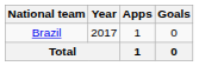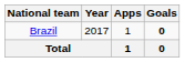 <table class="wikitable" style="text-align:center">
 <tr>
 <th>National team</th>
 <th>Year</th>
 <th>Apps</th>
 <th>Goals</th>
 </tr>
 <tr>
 <td><a href='#'>Brazil</a></td>
 <td>2017</td>
 <td>1</td>
-<td>0</td>
+<td><strong>0</strong></td>
 </tr>
 <tr>
 <th colspan=2>Total</th>
 <th>1</th>
 <th>0</th>
 </tr>
 </table>
